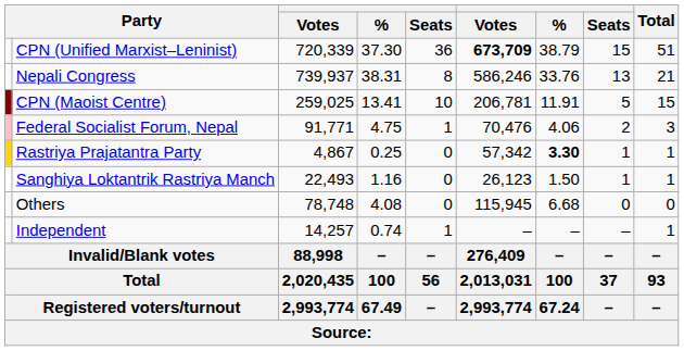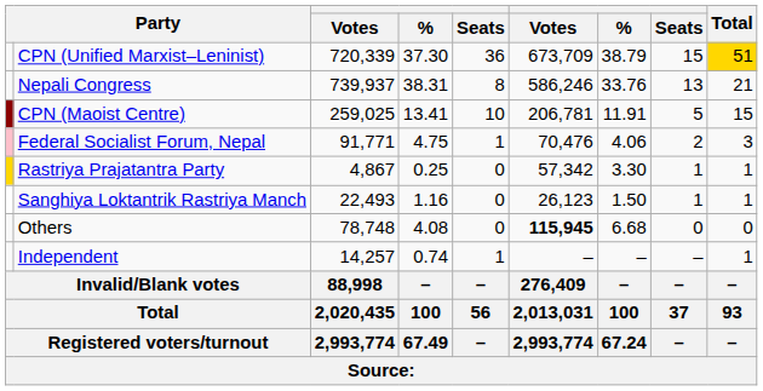 <table class="wikitable" style="text-align:right">
 <tr>
 <th colspan="2" rowspan="2">Party</th>
 <th colspan="3"></th>
 <th colspan="3"></th>
 <th rowspan="2">Total</th>
 </tr>
 <tr>
 <th>Votes</th>
 <th>%</th>
 <th>Seats</th>
 <th>Votes</th>
 <th>%</th>
 <th>Seats</th>
 </tr>
 <tr>
 <td></td>
 <td align="left"><a href='#'>CPN (Unified Marxist–Leninist)</a></td>
 <td>720,339</td>
 <td>37.30</td>
 <td>36</td>
-<td><strong>673,709</strong></td>
+<td>673,709</td>
 <td>38.79</td>
 <td>15</td>
-<td>51</td>
+<td style="background: gold;">51</td>
 </tr>
 <tr>
 <td></td>
 <td align="left"><a href='#'>Nepali Congress</a></td>
 <td>739,937</td>
 <td>38.31</td>
 <td>8</td>
 <td>586,246</td>
 <td>33.76</td>
 <td>13</td>
 <td>21</td>
 </tr>
 <tr>
 <td bgcolor="8B0000"></td>
 <td align="left"><a href='#'>CPN (Maoist Centre)</a></td>
 <td>259,025</td>
 <td>13.41</td>
 <td>10</td>
 <td>206,781</td>
 <td>11.91</td>
 <td>5</td>
 <td>15</td>
 </tr>
 <tr>
 <td bgcolor="FFC0CB"></td>
 <td align="left"><a href='#'>Federal Socialist Forum, Nepal</a></td>
 <td>91,771</td>
 <td>4.75</td>
 <td>1</td>
 <td>70,476</td>
 <td>4.06</td>
 <td>2</td>
 <td>3</td>
 </tr>
 <tr>
 <td bgcolor=#FFD700></td>
 <td align="left"><a href='#'>Rastriya Prajatantra Party</a></td>
 <td>4,867</td>
 <td>0.25</td>
 <td>0</td>
 <td>57,342</td>
-<td><strong>3.30</strong></td>
+<td>3.30</td>
 <td>1</td>
 <td>1</td>
 </tr>
 <tr>
 <td bgcolor=#FFFFFF></td>
 <td align="left"><a href='#'>Sanghiya Loktantrik Rastriya Manch</a></td>
 <td>22,493</td>
 <td>1.16</td>
 <td>0</td>
 <td>26,123</td>
 <td>1.50</td>
 <td>1</td>
 <td>1</td>
 </tr>
 <tr>
 <td></td>
 <td align="left">Others</td>
 <td>78,748</td>
 <td>4.08</td>
 <td>0</td>
-<td>115,945</td>
+<td><strong>115,945</strong></td>
 <td>6.68</td>
 <td>0</td>
 <td>0</td>
 </tr>
 <tr>
 <td></td>
 <td align="left"><a href='#'>Independent</a></td>
 <td>14,257</td>
 <td>0.74</td>
 <td>1</td>
 <td>–</td>
 <td>–</td>
 <td>–</td>
 <td>1</td>
 </tr>
 <tr>
 <th colspan="2">Invalid/Blank votes</th>
 <th>88,998</th>
 <th>–</th>
 <th>–</th>
 <th>276,409</th>
 <th>–</th>
 <th>–</th>
 <th>–</th>
 </tr>
 <tr>
 <th colspan="2">Total</th>
 <th>2,020,435</th>
 <th>100</th>
 <th>56</th>
 <th>2,013,031</th>
 <th>100</th>
 <th>37</th>
 <th>93</th>
 </tr>
 <tr>
 <th colspan="2">Registered voters/turnout</th>
 <th>2,993,774</th>
 <th>67.49</th>
 <th>–</th>
 <th>2,993,774</th>
 <th>67.24</th>
 <th>–</th>
 <th>–</th>
 </tr>
 <tr>
 <th colspan="9">Source: </th>
 </tr>
 </table>
